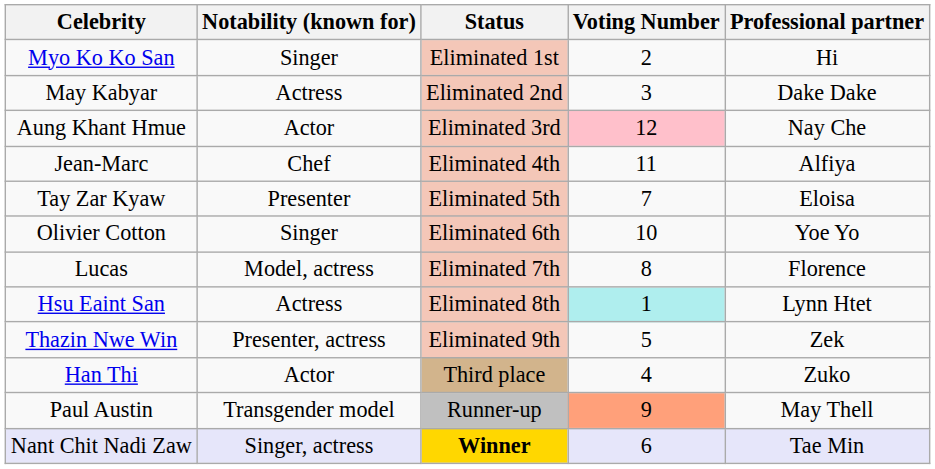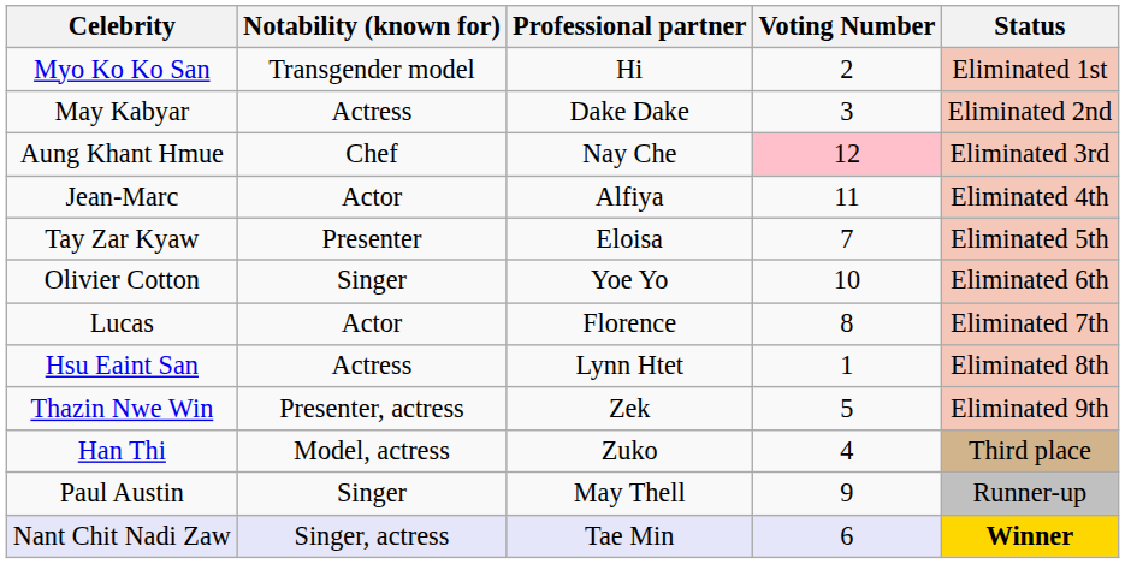 <table class= "wikitable sortable" style="text-align: center; margin:auto; align: center">
 <tr>
 <th>Celebrity</th>
 <th>Notability (known for)</th>
+<th>Professional partner</th>
+<th>Voting Number</th>
 <th>Status</th>
-<th>Voting Number</th>
-<th>Professional partner</th>
 </tr>
 <tr>
 <td><a href='#'>Myo Ko Ko San</a></td>
-<td>Singer</td>
+<td>Transgender model</td>
+<td>Hi</td>
+<td>2</td>
 <td bgcolor="#F4C7B8">Eliminated 1st</td>
-<td>2</td>
-<td>Hi</td>
 </tr>
 <tr>
 <td>May Kabyar</td>
 <td>Actress</td>
+<td>Dake Dake</td>
+<td>3</td>
 <td bgcolor="#F4C7B8">Eliminated 2nd</td>
-<td>3</td>
-<td>Dake Dake</td>
 </tr>
 <tr>
 <td>Aung Khant Hmue</td>
-<td>Actor</td>
+<td>Chef</td>
+<td>Nay Che</td>
+<td style="background: pink;">12</td>
 <td bgcolor="#F4C7B8">Eliminated 3rd</td>
-<td style="background: pink;">12</td>
-<td>Nay Che</td>
 </tr>
 <tr>
 <td>Jean-Marc</td>
-<td>Chef</td>
+<td>Actor</td>
+<td>Alfiya</td>
+<td>11</td>
 <td bgcolor="#F4C7B8">Eliminated 4th</td>
-<td>11</td>
-<td>Alfiya</td>
 </tr>
 <tr>
 <td>Tay Zar Kyaw</td>
 <td>Presenter</td>
+<td>Eloisa</td>
+<td>7</td>
 <td bgcolor="#F4C7B8">Eliminated 5th</td>
-<td>7</td>
-<td>Eloisa</td>
 </tr>
 <tr>
 <td>Olivier Cotton</td>
 <td>Singer</td>
+<td>Yoe Yo</td>
+<td>10</td>
 <td bgcolor="#F4C7B8">Eliminated 6th</td>
-<td>10</td>
-<td>Yoe Yo</td>
 </tr>
 <tr>
 <td>Lucas</td>
-<td>Model, actress</td>
+<td>Actor</td>
+<td>Florence</td>
+<td>8</td>
 <td bgcolor="#F4C7B8">Eliminated 7th</td>
-<td>8</td>
-<td>Florence</td>
 </tr>
 <tr>
 <td><a href='#'>Hsu Eaint San</a></td>
 <td>Actress</td>
+<td>Lynn Htet</td>
+<td>1</td>
 <td bgcolor="#F4C7B8">Eliminated 8th</td>
-<td style="background: paleturquoise;">1</td>
-<td>Lynn Htet</td>
 </tr>
 <tr>
 <td><a href='#'>Thazin Nwe Win</a></td>
 <td>Presenter, actress</td>
+<td>Zek</td>
+<td>5</td>
 <td bgcolor="#F4C7B8">Eliminated 9th</td>
-<td>5</td>
-<td>Zek</td>
 </tr>
 <tr>
 <td><a href='#'>Han Thi</a></td>
-<td>Actor</td>
+<td>Model, actress</td>
+<td>Zuko</td>
+<td>4</td>
 <td bgcolor="tan">Third place</td>
-<td>4</td>
-<td>Zuko</td>
 </tr>
 <tr>
 <td>Paul Austin</td>
-<td>Transgender model</td>
+<td>Singer</td>
+<td>May Thell</td>
+<td>9</td>
 <td bgcolor="silver">Runner-up</td>
-<td style="background: lightsalmon;">9</td>
-<td>May Thell</td>
 </tr>
 <tr>
 <td bgcolor="lavender">Nant Chit Nadi Zaw</td>
 <td bgcolor="lavender">Singer, actress</td>
+<td bgcolor="lavender">Tae Min</td>
+<td bgcolor="lavender">6</td>
 <td bgcolor="gold"><strong>Winner</strong></td>
-<td bgcolor="lavender">6</td>
-<td bgcolor="lavender">Tae Min</td>
 </tr>
 </table>
